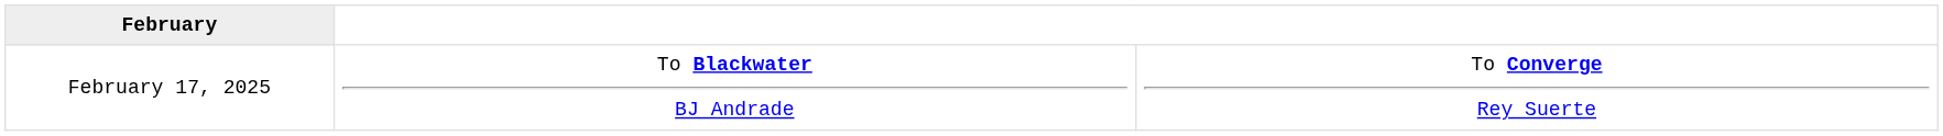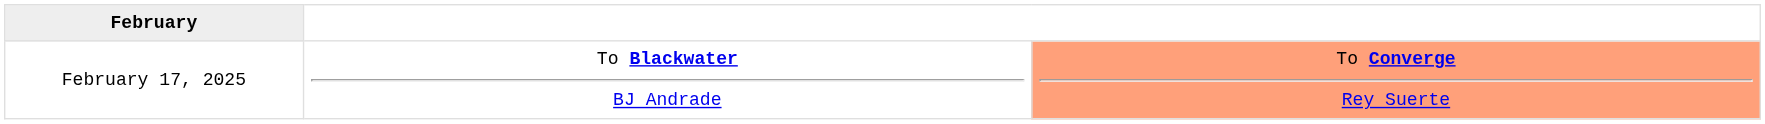 <table border=1 style="border-collapse:collapse; text-align: center; width: 100%" bordercolor="#DFDFDF"  cellpadding="5">
 <tr bgcolor="eeeeee">
 <th>February</th>
 </tr>
 <tr>
 <td style="width:12%">February 17, 2025</td>
 <td style="width:29.3%" valign="top">To <strong><a href='#'>Blackwater</a></strong><hr><a href='#'>BJ Andrade</a></td>
-<td style="width:29.3%" valign="top">To <strong><a href='#'>Converge</a></strong><hr><a href='#'>Rey Suerte</a></td>
+<td style="background: lightsalmon; width:29.3%" valign="top">To <strong><a href='#'>Converge</a></strong><hr><a href='#'>Rey Suerte</a></td>
 </tr>
 </table>
